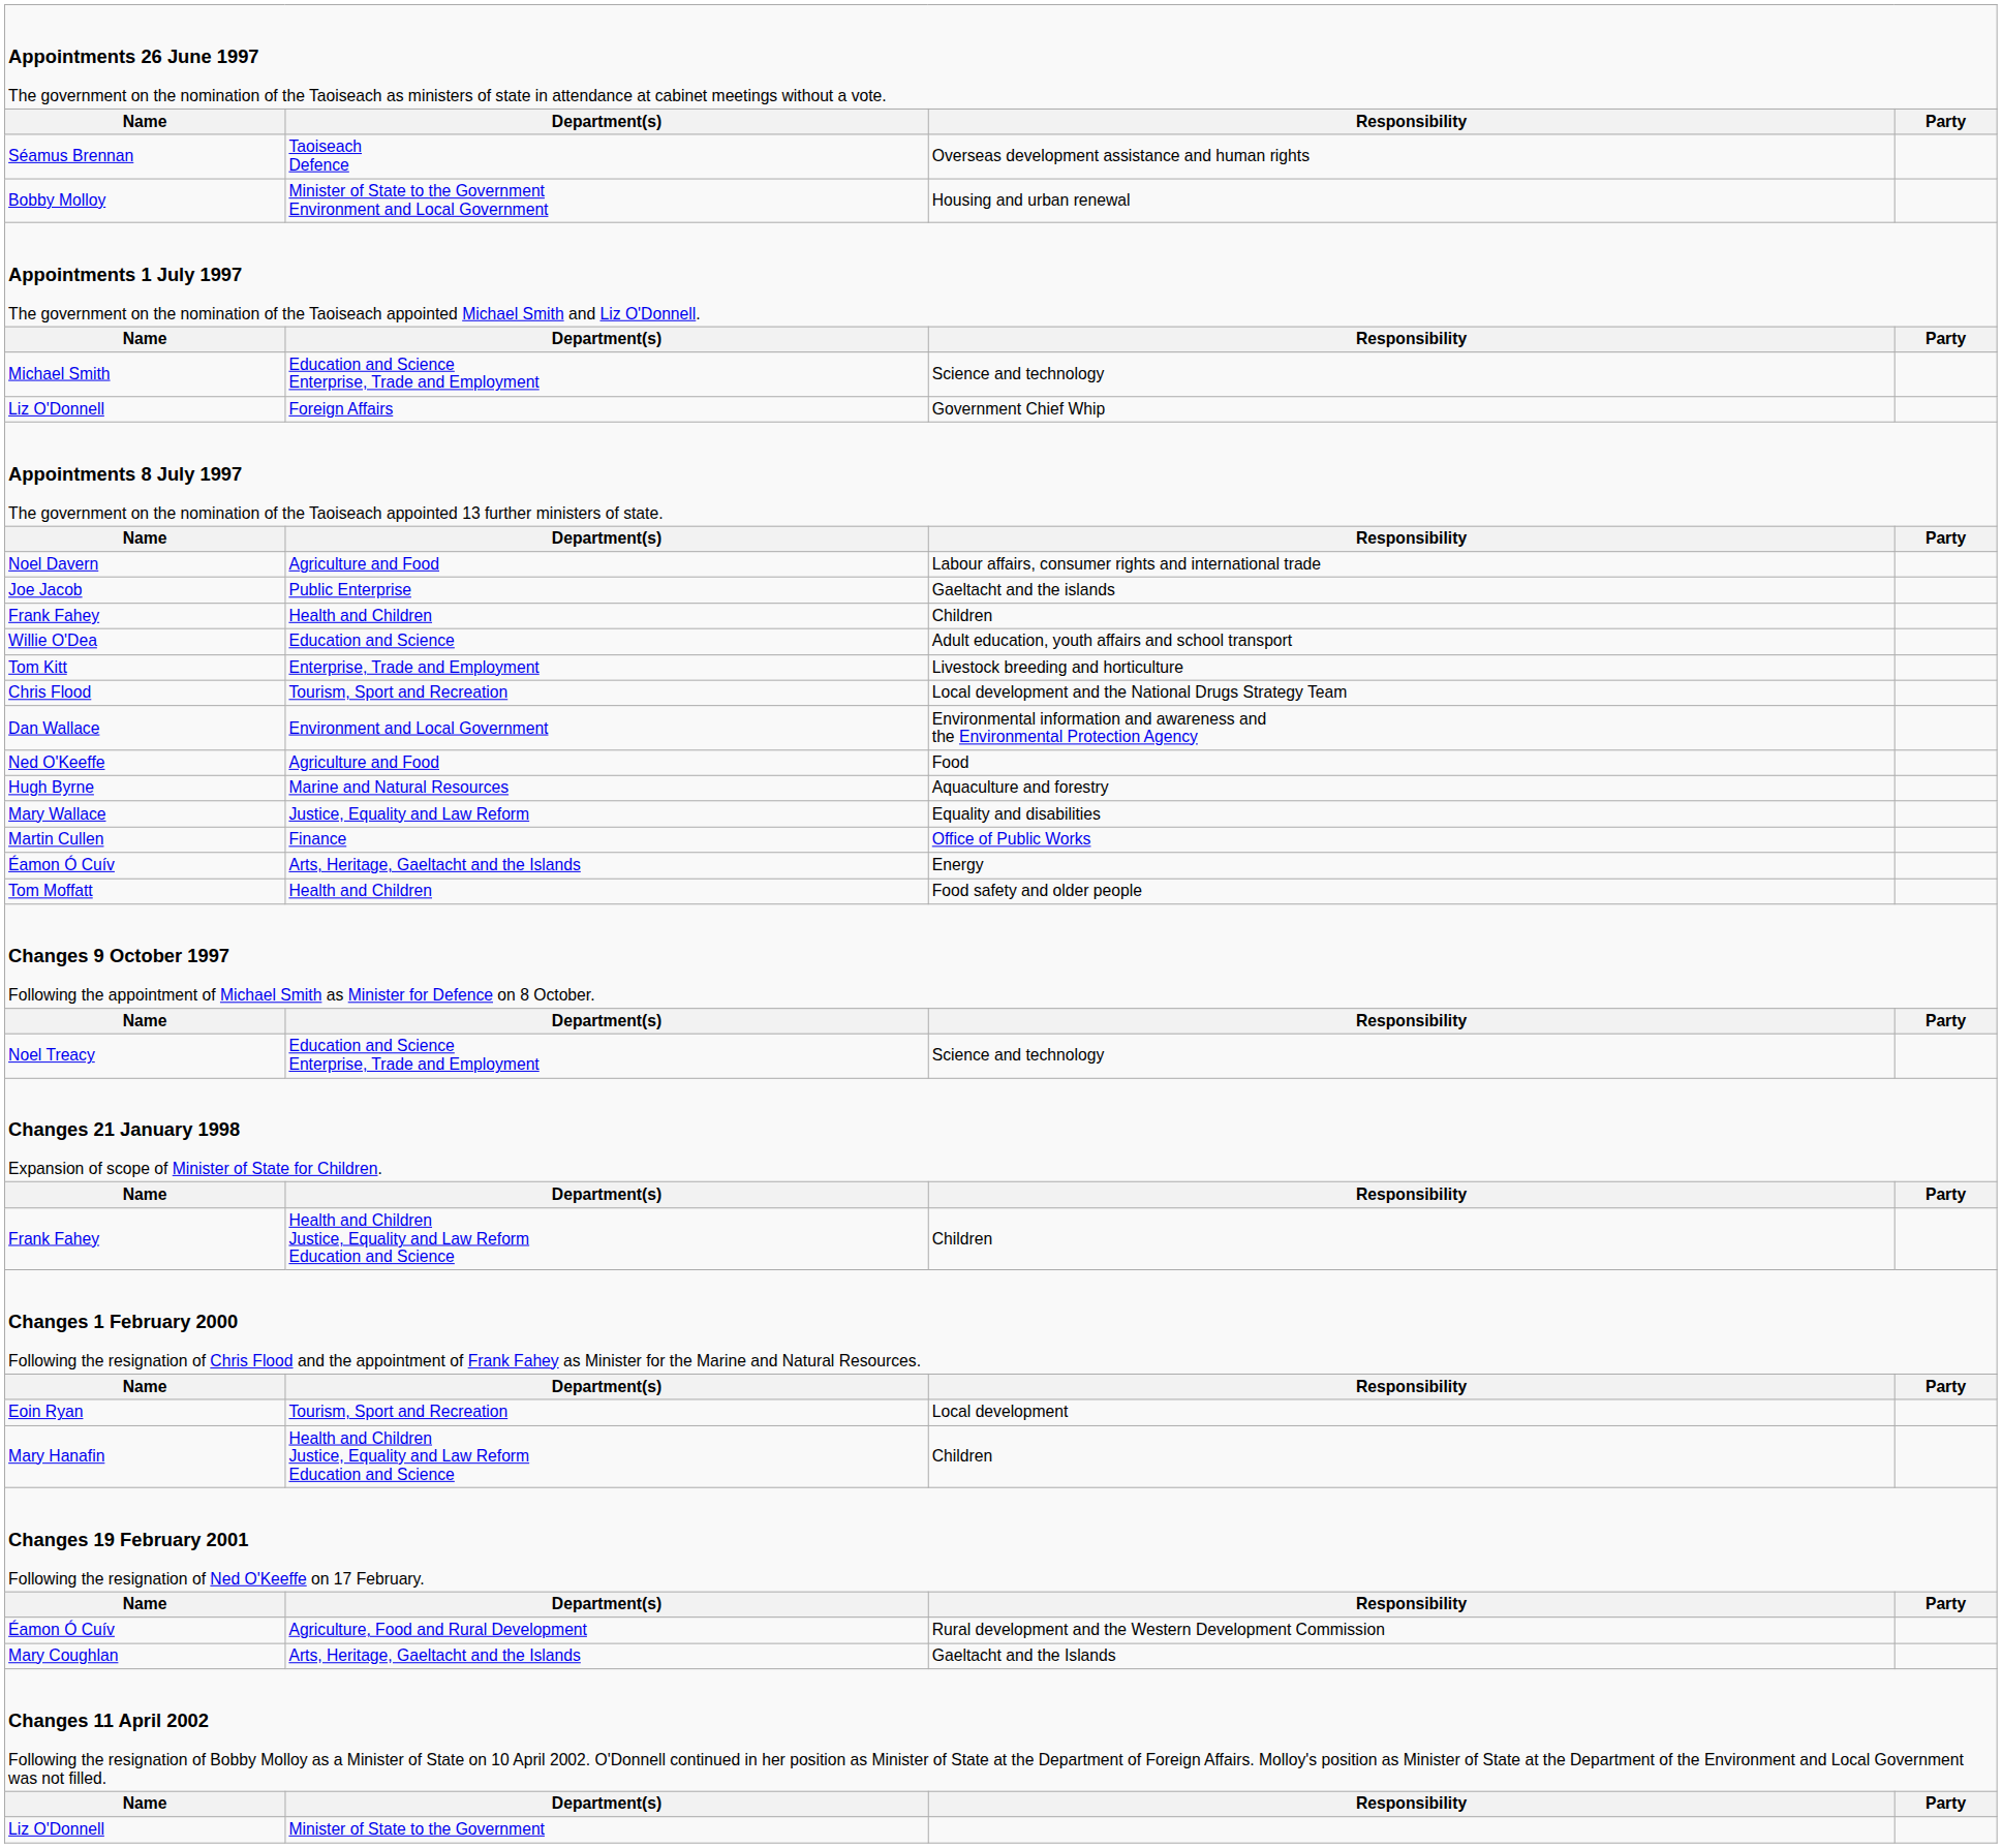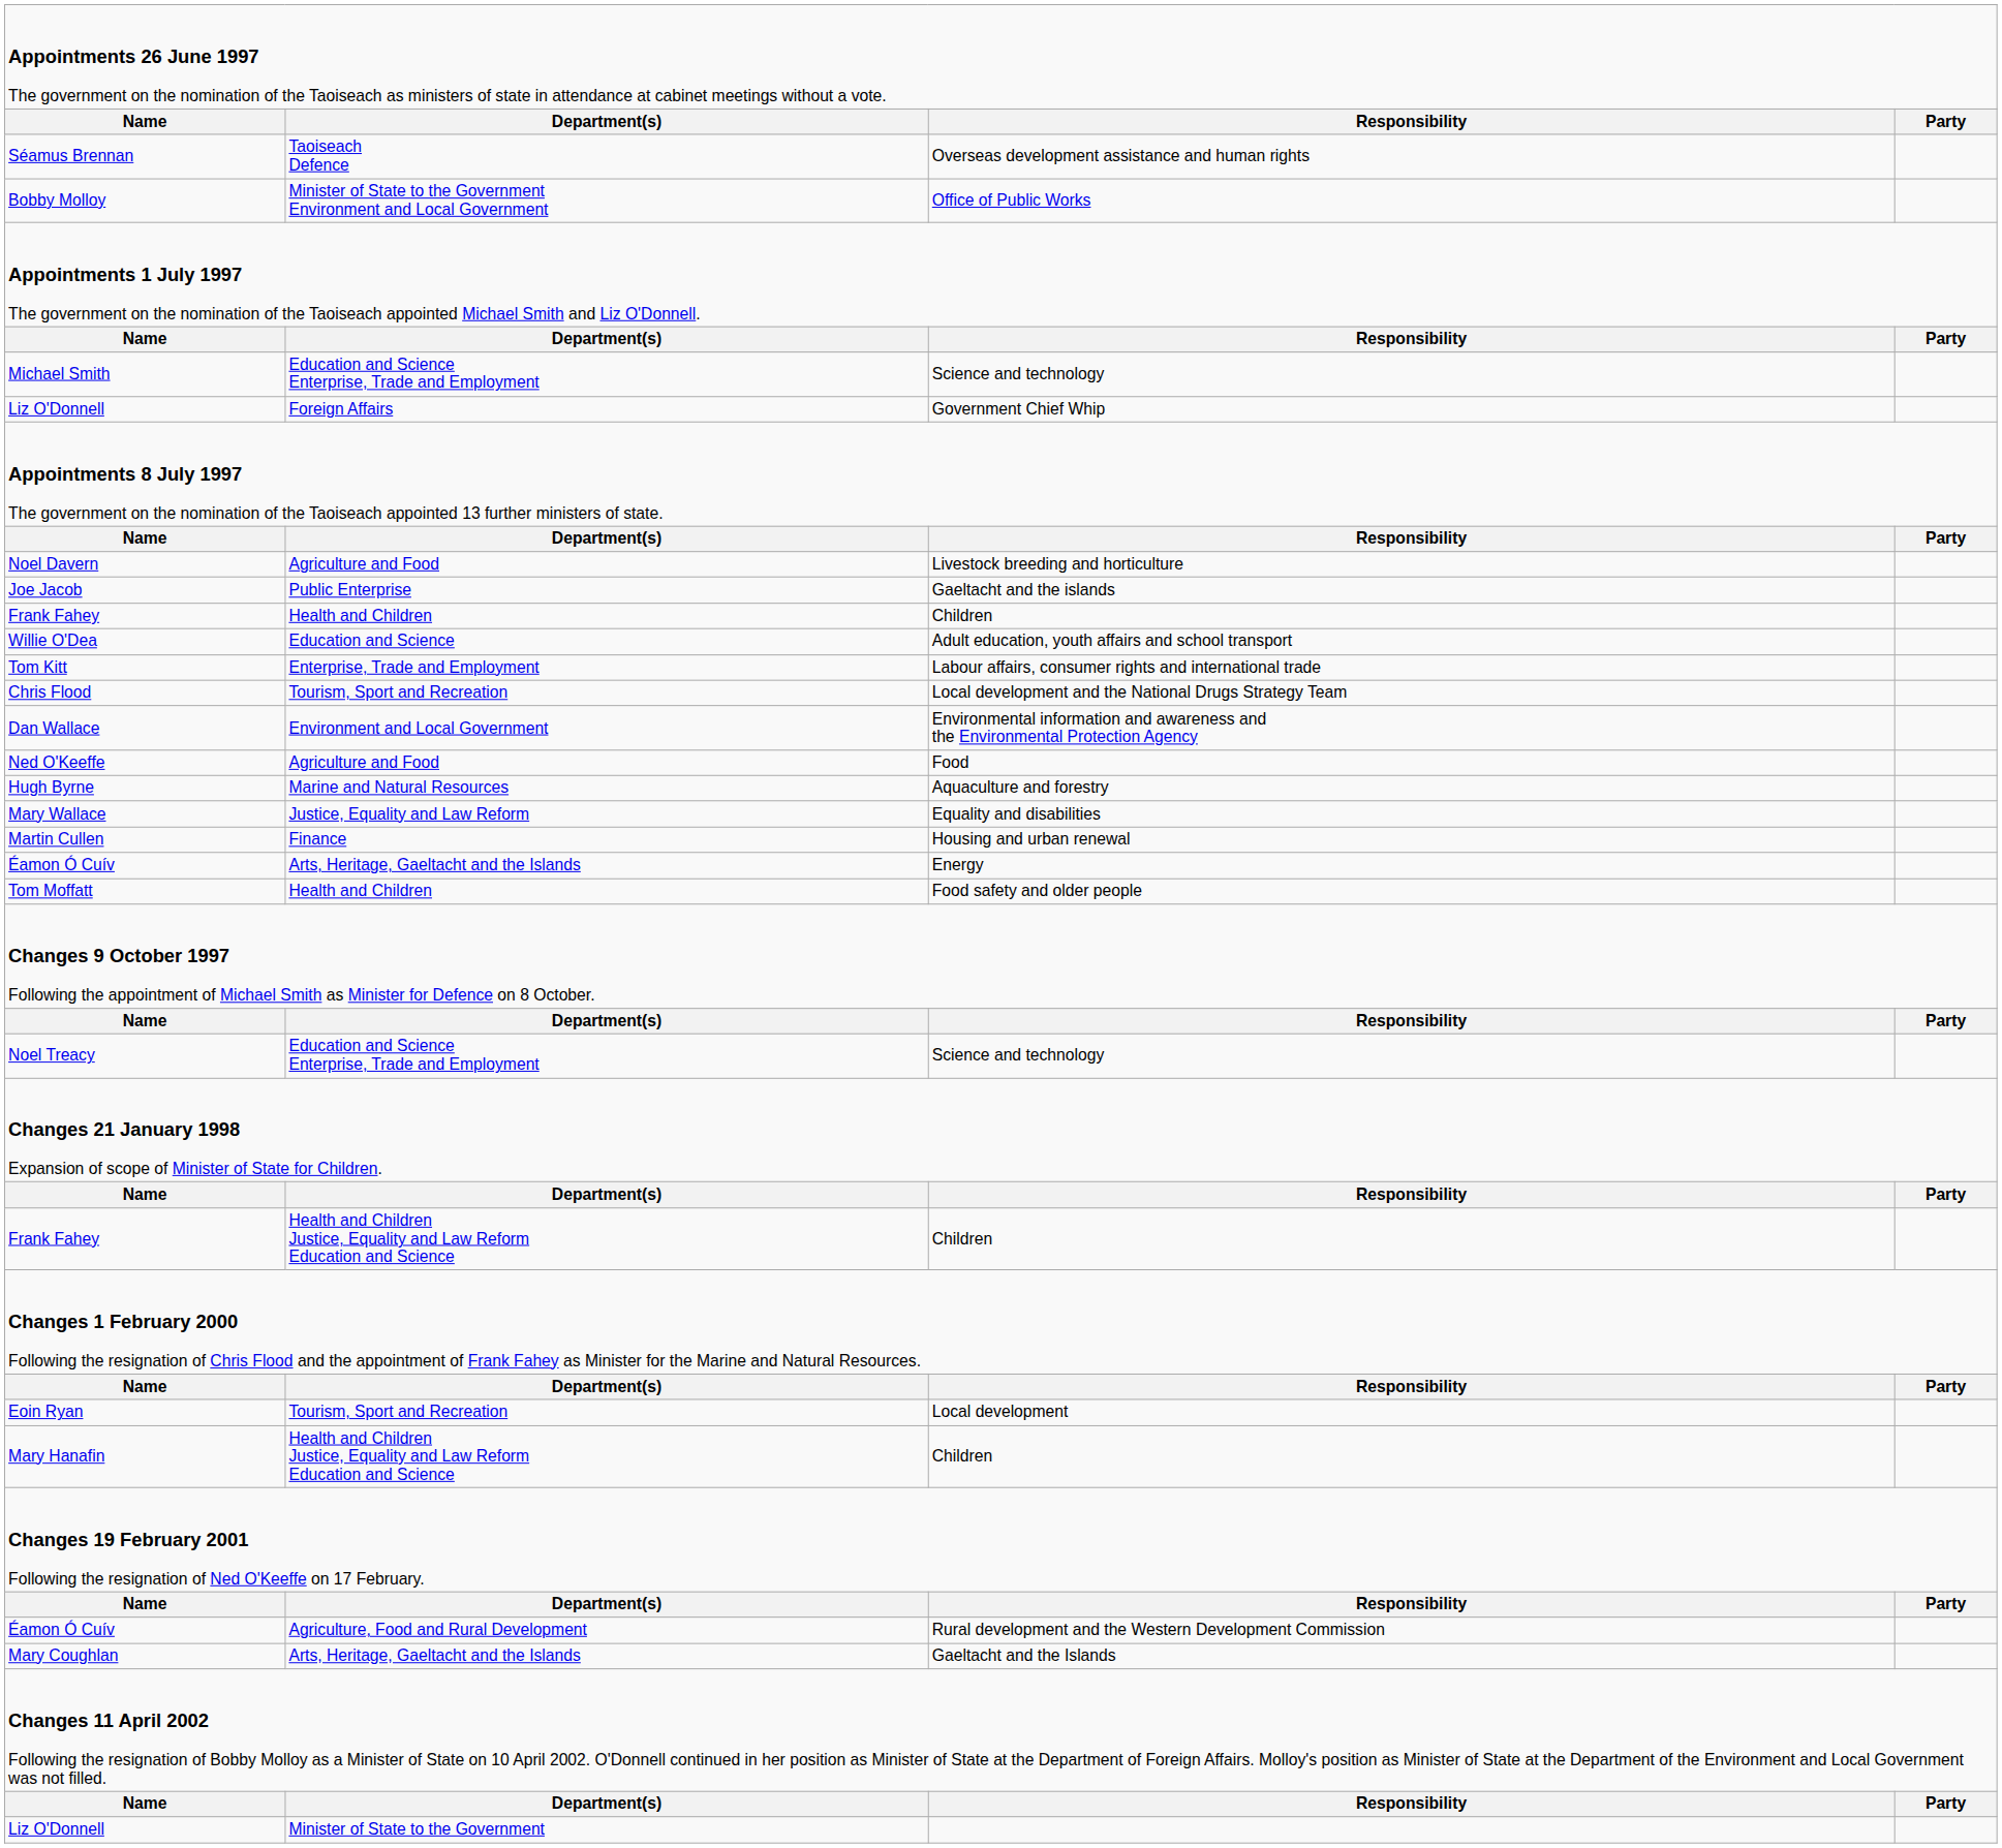 <table class="wikitable">
 <tr>
 <td colspan="5"><br><h3>Appointments 26 June 1997</h3>The government on the nomination of the Taoiseach as ministers of state in attendance at cabinet meetings without a vote.</td>
 </tr>
 <tr>
 <th>Name</th>
 <th>Department(s)</th>
 <th>Responsibility</th>
 <th colspan="2">Party</th>
 </tr>
 <tr>
 <td><a href='#'>Séamus Brennan</a></td>
 <td><a href='#'>Taoiseach</a><br><a href='#'>Defence</a></td>
 <td>Overseas development assistance and human rights</td>
 <td></td>
 </tr>
 <tr>
 <td><a href='#'>Bobby Molloy</a></td>
 <td><a href='#'>Minister of State to the Government</a><br><a href='#'>Environment and Local Government</a></td>
-<td>Housing and urban renewal</td>
+<td><a href='#'>Office of Public Works</a></td>
 <td></td>
 </tr>
 <tr>
 <td colspan="5"><br><h3>Appointments 1 July 1997</h3>The government on the nomination of the Taoiseach appointed <a href='#'>Michael Smith</a> and <a href='#'>Liz O'Donnell</a>.</td>
 </tr>
 <tr>
 <th>Name</th>
 <th>Department(s)</th>
 <th>Responsibility</th>
 <th colspan="2">Party</th>
 </tr>
 <tr>
 <td><a href='#'>Michael Smith</a></td>
 <td><a href='#'>Education and Science</a><br><a href='#'>Enterprise, Trade and Employment</a></td>
 <td>Science and technology</td>
 <td></td>
 </tr>
 <tr>
 <td><a href='#'>Liz O'Donnell</a></td>
 <td><a href='#'>Foreign Affairs</a></td>
 <td>Government Chief Whip</td>
 <td></td>
 </tr>
 <tr>
 <td colspan="5"><br><h3>Appointments 8 July 1997</h3>The government on the nomination of the Taoiseach appointed 13 further ministers of state.</td>
 </tr>
 <tr>
 <th>Name</th>
 <th>Department(s)</th>
 <th>Responsibility</th>
 <th colspan="2">Party</th>
 </tr>
 <tr>
 <td><a href='#'>Noel Davern</a></td>
 <td><a href='#'>Agriculture and Food</a></td>
-<td>Labour affairs, consumer rights and international trade</td>
+<td>Livestock breeding and horticulture</td>
 <td></td>
 </tr>
 <tr>
 <td><a href='#'>Joe Jacob</a></td>
 <td><a href='#'>Public Enterprise</a></td>
 <td>Gaeltacht and the islands</td>
 <td></td>
 </tr>
 <tr>
 <td><a href='#'>Frank Fahey</a></td>
 <td><a href='#'>Health and Children</a></td>
 <td>Children</td>
 <td></td>
 </tr>
 <tr>
 <td><a href='#'>Willie O'Dea</a></td>
 <td><a href='#'>Education and Science</a></td>
 <td>Adult education, youth affairs and school transport</td>
 <td></td>
 </tr>
 <tr>
 <td><a href='#'>Tom Kitt</a></td>
 <td><a href='#'>Enterprise, Trade and Employment</a></td>
-<td>Livestock breeding and horticulture</td>
+<td>Labour affairs, consumer rights and international trade</td>
 <td></td>
 </tr>
 <tr>
 <td><a href='#'>Chris Flood</a></td>
 <td><a href='#'>Tourism, Sport and Recreation</a></td>
 <td>Local development and the National Drugs Strategy Team</td>
 <td></td>
 </tr>
 <tr>
 <td><a href='#'>Dan Wallace</a></td>
 <td><a href='#'>Environment and Local Government</a></td>
 <td>Environmental information and awareness and<br>the <a href='#'>Environmental Protection Agency</a></td>
 <td></td>
 </tr>
 <tr>
 <td><a href='#'>Ned O'Keeffe</a></td>
 <td><a href='#'>Agriculture and Food</a></td>
 <td>Food</td>
 <td></td>
 </tr>
 <tr>
 <td><a href='#'>Hugh Byrne</a></td>
 <td><a href='#'>Marine and Natural Resources</a></td>
 <td>Aquaculture and forestry</td>
 <td></td>
 </tr>
 <tr>
 <td><a href='#'>Mary Wallace</a></td>
 <td><a href='#'>Justice, Equality and Law Reform</a></td>
 <td>Equality and disabilities</td>
 <td></td>
 </tr>
 <tr>
 <td><a href='#'>Martin Cullen</a></td>
 <td><a href='#'>Finance</a></td>
-<td><a href='#'>Office of Public Works</a></td>
+<td>Housing and urban renewal</td>
 <td></td>
 </tr>
 <tr>
 <td><a href='#'>Éamon Ó Cuív</a></td>
 <td><a href='#'>Arts, Heritage, Gaeltacht and the Islands</a></td>
 <td>Energy</td>
 <td></td>
 </tr>
 <tr>
 <td><a href='#'>Tom Moffatt</a></td>
 <td><a href='#'>Health and Children</a></td>
 <td>Food safety and older people</td>
 <td></td>
 </tr>
 <tr>
 <td colspan="5"><br><h3>Changes 9 October 1997</h3>Following the appointment of <a href='#'>Michael Smith</a> as <a href='#'>Minister for Defence</a> on 8 October.</td>
 </tr>
 <tr>
 <th>Name</th>
 <th>Department(s)</th>
 <th>Responsibility</th>
 <th colspan="2">Party</th>
 </tr>
 <tr>
 <td><a href='#'>Noel Treacy</a></td>
 <td><a href='#'>Education and Science</a><br><a href='#'>Enterprise, Trade and Employment</a></td>
 <td>Science and technology</td>
 <td></td>
 </tr>
 <tr>
 <td colspan="5"><br><h3>Changes 21 January 1998</h3>Expansion of scope of <a href='#'>Minister of State for Children</a>.</td>
 </tr>
 <tr>
 <th>Name</th>
 <th>Department(s)</th>
 <th>Responsibility</th>
 <th colspan="2">Party</th>
 </tr>
 <tr>
 <td><a href='#'>Frank Fahey</a></td>
 <td><a href='#'>Health and Children</a><br><a href='#'>Justice, Equality and Law Reform</a><br><a href='#'>Education and Science</a></td>
 <td>Children</td>
 <td></td>
 </tr>
 <tr>
 <td colspan="5"><br><h3>Changes 1 February 2000</h3>Following the resignation of <a href='#'>Chris Flood</a> and the appointment of <a href='#'>Frank Fahey</a> as Minister for the Marine and Natural Resources.</td>
 </tr>
 <tr>
 <th>Name</th>
 <th>Department(s)</th>
 <th>Responsibility</th>
 <th colspan="2">Party</th>
 </tr>
 <tr>
 <td><a href='#'>Eoin Ryan</a></td>
 <td><a href='#'>Tourism, Sport and Recreation</a></td>
 <td>Local development</td>
 <td></td>
 </tr>
 <tr>
 <td><a href='#'>Mary Hanafin</a></td>
 <td><a href='#'>Health and Children</a><br><a href='#'>Justice, Equality and Law Reform</a><br><a href='#'>Education and Science</a></td>
 <td>Children</td>
 <td></td>
 </tr>
 <tr>
 <td colspan="5"><br><h3>Changes 19 February 2001</h3>Following the resignation of <a href='#'>Ned O'Keeffe</a> on 17 February.</td>
 </tr>
 <tr>
 <th>Name</th>
 <th>Department(s)</th>
 <th>Responsibility</th>
 <th colspan="2">Party</th>
 </tr>
 <tr>
 <td><a href='#'>Éamon Ó Cuív</a></td>
 <td><a href='#'>Agriculture, Food and Rural Development</a></td>
 <td>Rural development and the Western Development Commission</td>
 <td></td>
 </tr>
 <tr>
 <td><a href='#'>Mary Coughlan</a></td>
 <td><a href='#'>Arts, Heritage, Gaeltacht and the Islands</a></td>
 <td>Gaeltacht and the Islands</td>
 <td></td>
 </tr>
 <tr>
 <td colspan="5"><br><h3>Changes 11 April 2002</h3>Following the resignation of Bobby Molloy as a Minister of State on 10 April 2002. O'Donnell continued in her position as Minister of State at the Department of Foreign Affairs. Molloy's position as Minister of State at the Department of the Environment and Local Government was not filled.</td>
 </tr>
 <tr>
 <th>Name</th>
 <th>Department(s)</th>
 <th>Responsibility</th>
 <th colspan="2">Party</th>
 </tr>
 <tr>
 <td><a href='#'>Liz O'Donnell</a></td>
 <td><a href='#'>Minister of State to the Government</a></td>
 <td></td>
 <td></td>
 </tr>
 </table>
